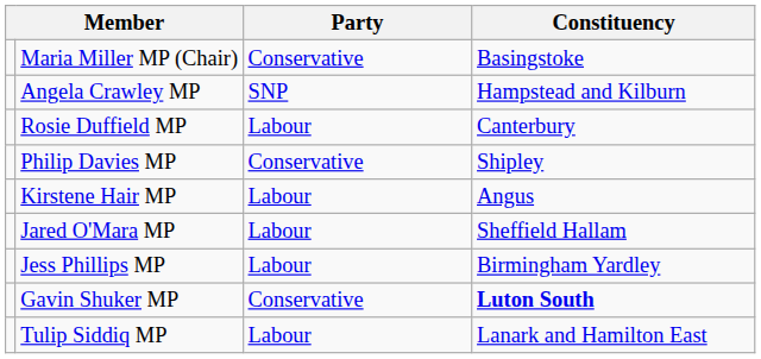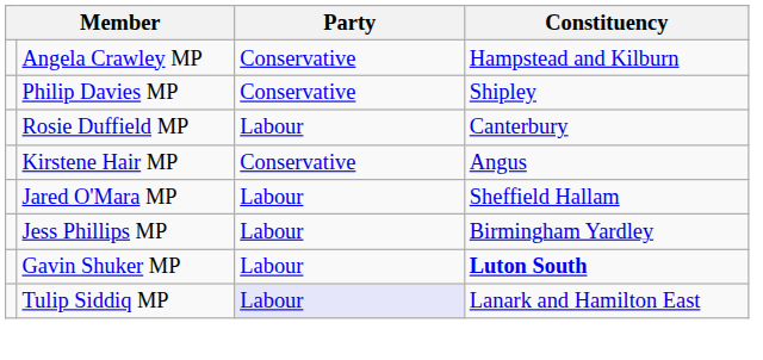 <table class="wikitable">
 <tr>
 <th colspan="2" width="160px" valign="top">Member</th>
 <th width="160px" valign="top">Party</th>
 <th width="200px" valign="top">Constituency</th>
 </tr>
 <tr>
 <td style="color:inherit;background:"></td>
-<td><a href='#'>Maria Miller</a> MP (Chair)</td>
+<td><a href='#'>Angela Crawley</a> MP</td>
 <td><a href='#'>Conservative</a></td>
-<td><a href='#'>Basingstoke</a></td>
+<td><a href='#'>Hampstead and Kilburn</a></td>
 </tr>
 <tr>
 <td style="color:inherit;background:"></td>
-<td><a href='#'>Angela Crawley</a> MP</td>
-<td><a href='#'>SNP</a></td>
-<td><a href='#'>Hampstead and Kilburn</a></td>
+<td><a href='#'>Philip Davies</a> MP</td>
+<td><a href='#'>Conservative</a></td>
+<td><a href='#'>Shipley</a></td>
 </tr>
 <tr>
 <td style="color:inherit;background:"></td>
 <td><a href='#'>Rosie Duffield</a> MP</td>
 <td><a href='#'>Labour</a></td>
 <td><a href='#'>Canterbury</a></td>
 </tr>
 <tr>
 <td style="color:inherit;background:"></td>
-<td><a href='#'>Philip Davies</a> MP</td>
+<td><a href='#'>Kirstene Hair</a> MP</td>
 <td><a href='#'>Conservative</a></td>
-<td><a href='#'>Shipley</a></td>
-</tr>
-<tr>
-<td style="color:inherit;background:"></td>
-<td><a href='#'>Kirstene Hair</a> MP</td>
-<td><a href='#'>Labour</a></td>
 <td><a href='#'>Angus</a></td>
 </tr>
 <tr>
 <td style="color:inherit;background:"></td>
 <td><a href='#'>Jared O'Mara</a> MP</td>
 <td><a href='#'>Labour</a></td>
 <td><a href='#'>Sheffield Hallam</a></td>
 </tr>
 <tr>
 <td style="color:inherit;background:"></td>
 <td><a href='#'>Jess Phillips</a> MP</td>
 <td><a href='#'>Labour</a></td>
 <td><a href='#'>Birmingham Yardley</a></td>
 </tr>
 <tr>
 <td style="color:inherit;background:"></td>
 <td><a href='#'>Gavin Shuker</a> MP</td>
-<td><a href='#'>Conservative</a></td>
+<td><a href='#'>Labour</a></td>
 <td><strong><a href='#'>Luton South</a></strong></td>
 </tr>
 <tr>
 <td style="color:inherit;background:"></td>
 <td><a href='#'>Tulip Siddiq</a> MP</td>
-<td><a href='#'>Labour</a></td>
+<td style="background: lavender;"><a href='#'>Labour</a></td>
 <td><a href='#'>Lanark and Hamilton East</a></td>
 </tr>
 </table>
